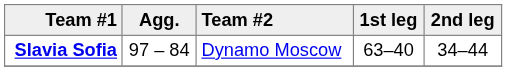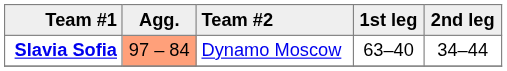 <table border=1 cellspacing=0 cellpadding=4 style="border-collapse: collapse;" width=70%>
 <tr bgcolor="efefef">
 <th align=right>Team #1</th>
 <th>Agg.</th>
 <th align=left>Team #2</th>
 <th>1st leg</th>
 <th>2nd leg</th>
 </tr>
 <tr>
 <td align=right><strong><a href='#'>Slavia Sofia</a></strong> </td>
-<td align=center>97 – 84</td>
+<td align=center style="background: lightsalmon;">97 – 84</td>
 <td> <a href='#'>Dynamo Moscow</a></td>
 <td align=center>63–40</td>
 <td align=center>34–44</td>
 </tr>
 <tr>
 </tr>
 </table>
